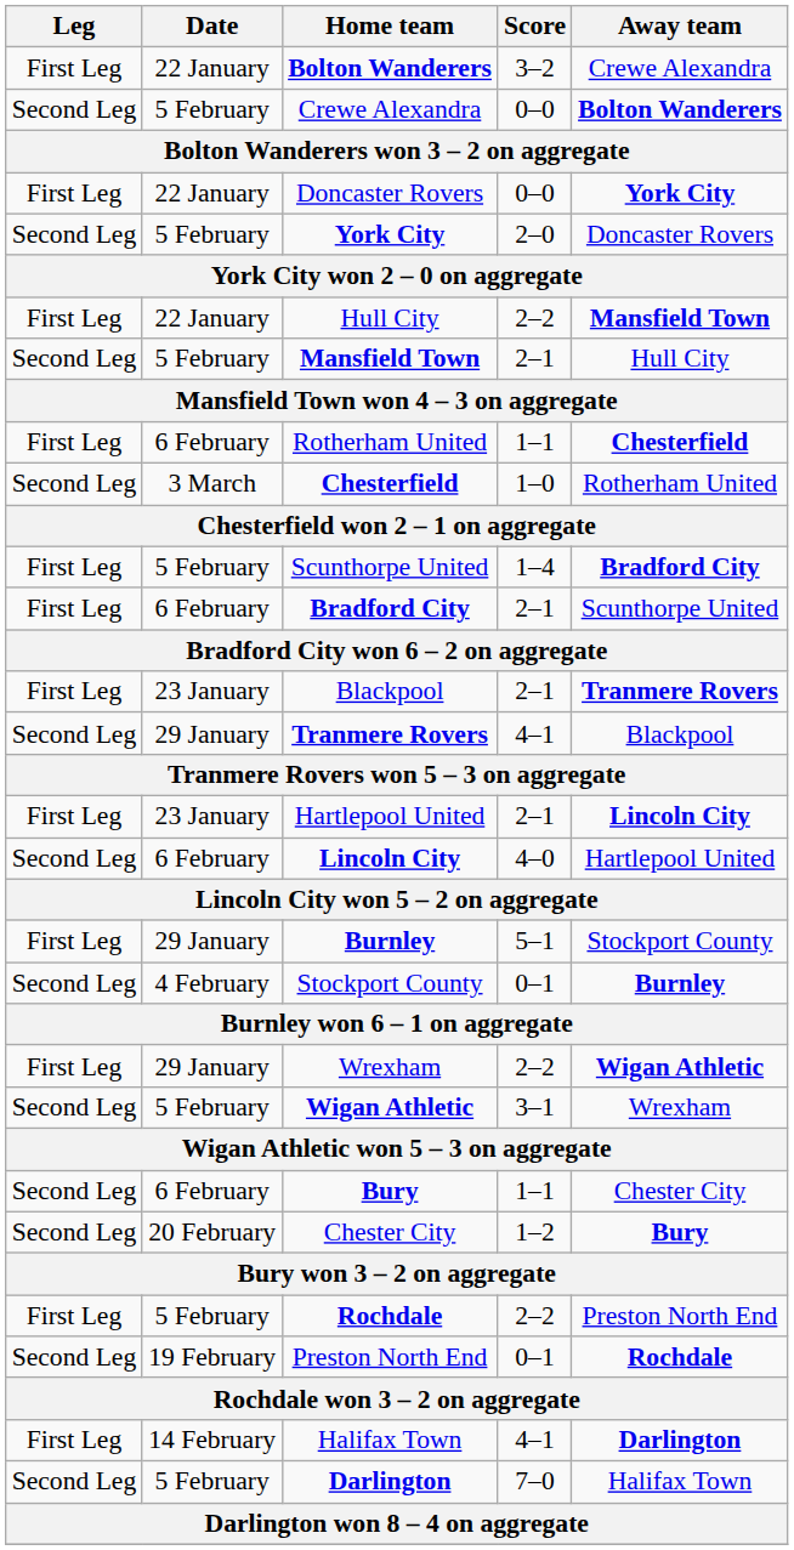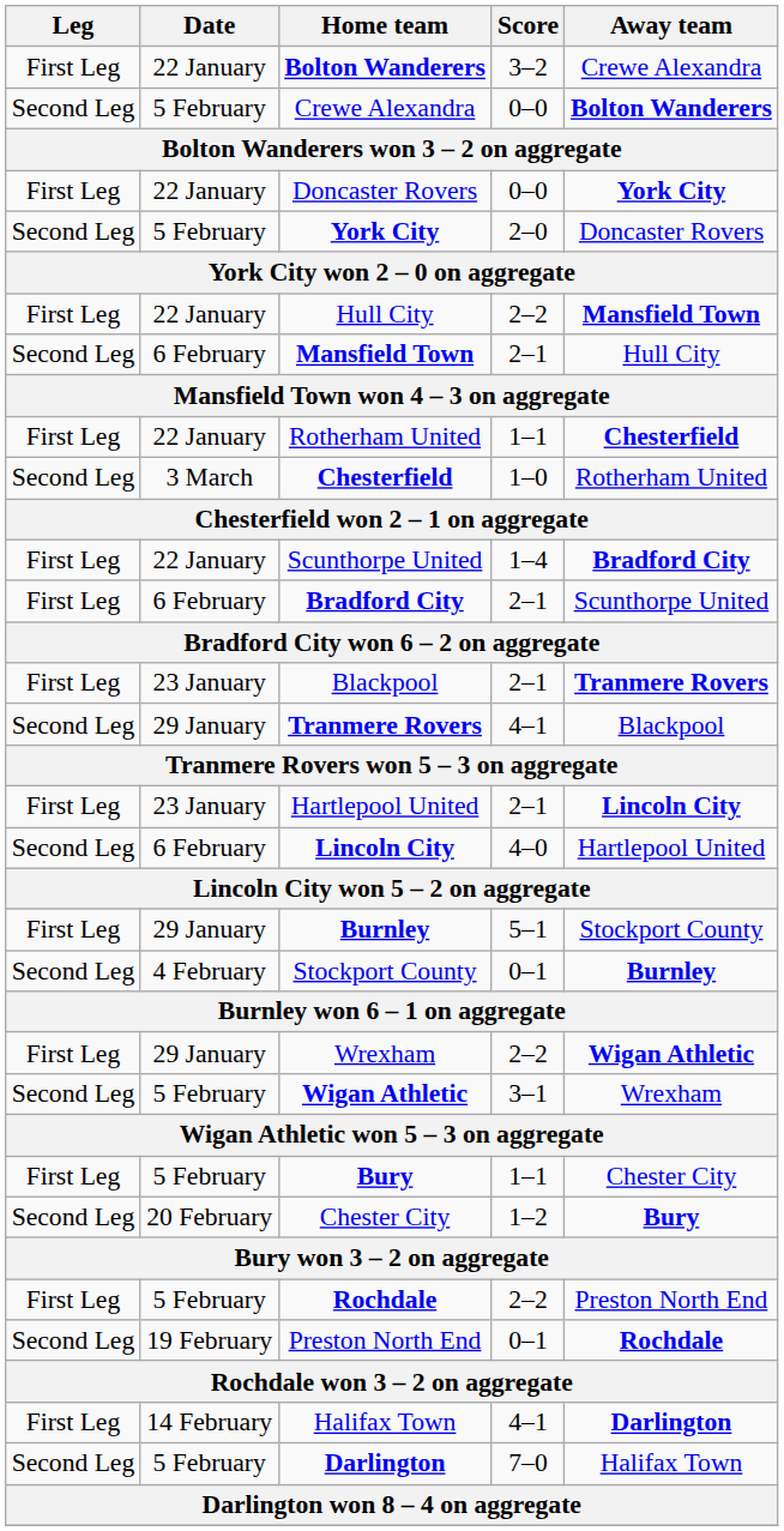 <table class="wikitable" style="text-align: center">
 <tr>
 <th>Leg</th>
 <th>Date</th>
 <th>Home team</th>
 <th>Score</th>
 <th>Away team</th>
 </tr>
 <tr>
 <td>First Leg</td>
 <td>22 January</td>
 <td><strong><a href='#'>Bolton Wanderers</a></strong></td>
 <td>3–2</td>
 <td><a href='#'>Crewe Alexandra</a></td>
 </tr>
 <tr>
 <td>Second Leg</td>
 <td>5 February</td>
 <td><a href='#'>Crewe Alexandra</a></td>
 <td>0–0</td>
 <td><strong><a href='#'>Bolton Wanderers</a></strong></td>
 </tr>
 <tr>
 <th colspan="5">Bolton Wanderers won 3 – 2 on aggregate</th>
 </tr>
 <tr>
 <td>First Leg</td>
 <td>22 January</td>
 <td><a href='#'>Doncaster Rovers</a></td>
 <td>0–0</td>
 <td><strong><a href='#'>York City</a></strong></td>
 </tr>
 <tr>
 <td>Second Leg</td>
 <td>5 February</td>
 <td><strong><a href='#'>York City</a></strong></td>
 <td>2–0</td>
 <td><a href='#'>Doncaster Rovers</a></td>
 </tr>
 <tr>
 <th colspan="5">York City won 2 – 0 on aggregate</th>
 </tr>
 <tr>
 <td>First Leg</td>
 <td>22 January</td>
 <td><a href='#'>Hull City</a></td>
 <td>2–2</td>
 <td><strong><a href='#'>Mansfield Town</a></strong></td>
 </tr>
 <tr>
 <td>Second Leg</td>
-<td>5 February</td>
+<td>6 February</td>
 <td><strong><a href='#'>Mansfield Town</a></strong></td>
 <td>2–1</td>
 <td><a href='#'>Hull City</a></td>
 </tr>
 <tr>
 <th colspan="5">Mansfield Town won 4 – 3 on aggregate</th>
 </tr>
 <tr>
 <td>First Leg</td>
-<td>6 February</td>
+<td>22 January</td>
 <td><a href='#'>Rotherham United</a></td>
 <td>1–1</td>
 <td><strong><a href='#'>Chesterfield</a></strong></td>
 </tr>
 <tr>
 <td>Second Leg</td>
 <td>3 March</td>
 <td><strong><a href='#'>Chesterfield</a></strong></td>
 <td>1–0</td>
 <td><a href='#'>Rotherham United</a></td>
 </tr>
 <tr>
 <th colspan="5">Chesterfield won 2 – 1 on aggregate</th>
 </tr>
 <tr>
 <td>First Leg</td>
-<td>5 February</td>
+<td>22 January</td>
 <td><a href='#'>Scunthorpe United</a></td>
 <td>1–4</td>
 <td><strong><a href='#'>Bradford City</a></strong></td>
 </tr>
 <tr>
 <td>First Leg</td>
 <td>6 February</td>
 <td><strong><a href='#'>Bradford City</a></strong></td>
 <td>2–1</td>
 <td><a href='#'>Scunthorpe United</a></td>
 </tr>
 <tr>
 <th colspan="5">Bradford City won 6 – 2 on aggregate</th>
 </tr>
 <tr>
 <td>First Leg</td>
 <td>23 January</td>
 <td><a href='#'>Blackpool</a></td>
 <td>2–1</td>
 <td><strong><a href='#'>Tranmere Rovers</a></strong></td>
 </tr>
 <tr>
 <td>Second Leg</td>
 <td>29 January</td>
 <td><strong><a href='#'>Tranmere Rovers</a></strong></td>
 <td>4–1</td>
 <td><a href='#'>Blackpool</a></td>
 </tr>
 <tr>
 <th colspan="5">Tranmere Rovers won 5 – 3 on aggregate</th>
 </tr>
 <tr>
 <td>First Leg</td>
 <td>23 January</td>
 <td><a href='#'>Hartlepool United</a></td>
 <td>2–1</td>
 <td><strong><a href='#'>Lincoln City</a></strong></td>
 </tr>
 <tr>
 <td>Second Leg</td>
 <td>6 February</td>
 <td><strong><a href='#'>Lincoln City</a></strong></td>
 <td>4–0</td>
 <td><a href='#'>Hartlepool United</a></td>
 </tr>
 <tr>
 <th colspan="5">Lincoln City won 5 – 2 on aggregate</th>
 </tr>
 <tr>
 <td>First Leg</td>
 <td>29 January</td>
 <td><strong><a href='#'>Burnley</a></strong></td>
 <td>5–1</td>
 <td><a href='#'>Stockport County</a></td>
 </tr>
 <tr>
 <td>Second Leg</td>
 <td>4 February</td>
 <td><a href='#'>Stockport County</a></td>
 <td>0–1</td>
 <td><strong><a href='#'>Burnley</a></strong></td>
 </tr>
 <tr>
 <th colspan="5">Burnley won 6 – 1 on aggregate</th>
 </tr>
 <tr>
 <td>First Leg</td>
 <td>29 January</td>
 <td><a href='#'>Wrexham</a></td>
 <td>2–2</td>
 <td><strong><a href='#'>Wigan Athletic</a></strong></td>
 </tr>
 <tr>
 <td>Second Leg</td>
 <td>5 February</td>
 <td><strong><a href='#'>Wigan Athletic</a></strong></td>
 <td>3–1</td>
 <td><a href='#'>Wrexham</a></td>
 </tr>
 <tr>
 <th colspan="5">Wigan Athletic won 5 – 3 on aggregate</th>
 </tr>
 <tr>
-<td>Second Leg</td>
-<td>6 February</td>
+<td>First Leg</td>
+<td>5 February</td>
 <td><strong><a href='#'>Bury</a></strong></td>
 <td>1–1</td>
 <td><a href='#'>Chester City</a></td>
 </tr>
 <tr>
 <td>Second Leg</td>
 <td>20 February</td>
 <td><a href='#'>Chester City</a></td>
 <td>1–2</td>
 <td><strong><a href='#'>Bury</a></strong></td>
 </tr>
 <tr>
 <th colspan="5">Bury won 3 – 2 on aggregate</th>
 </tr>
 <tr>
 <td>First Leg</td>
 <td>5 February</td>
 <td><strong><a href='#'>Rochdale</a></strong></td>
 <td>2–2</td>
 <td><a href='#'>Preston North End</a></td>
 </tr>
 <tr>
 <td>Second Leg</td>
 <td>19 February</td>
 <td><a href='#'>Preston North End</a></td>
 <td>0–1</td>
 <td><strong><a href='#'>Rochdale</a></strong></td>
 </tr>
 <tr>
 <th colspan="5">Rochdale won 3 – 2 on aggregate</th>
 </tr>
 <tr>
 <td>First Leg</td>
 <td>14 February</td>
 <td><a href='#'>Halifax Town</a></td>
 <td>4–1</td>
 <td><strong><a href='#'>Darlington</a></strong></td>
 </tr>
 <tr>
 <td>Second Leg</td>
 <td>5 February</td>
 <td><strong><a href='#'>Darlington</a></strong></td>
 <td>7–0</td>
 <td><a href='#'>Halifax Town</a></td>
 </tr>
 <tr>
 <th colspan="5">Darlington won 8 – 4 on aggregate</th>
 </tr>
 <tr>
 </tr>
 </table>
